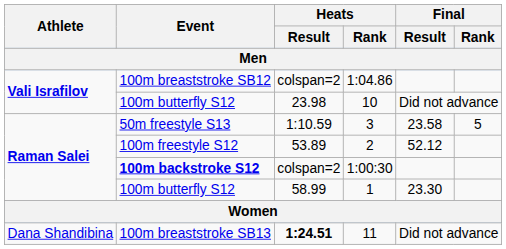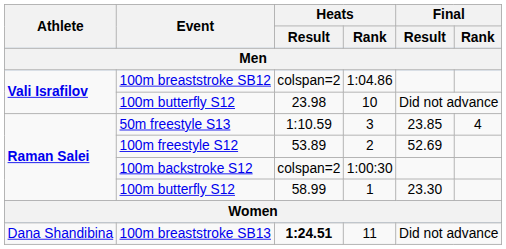 <table class=wikitable style="font-size:100%">
 <tr>
 <th rowspan="2">Athlete</th>
 <th rowspan="2">Event</th>
 <th colspan="2">Heats</th>
 <th colspan="2">Final</th>
 </tr>
 <tr>
 <th>Result</th>
 <th>Rank</th>
 <th>Result</th>
 <th>Rank</th>
 </tr>
 <tr style="background:#9acdff;">
 <th colspan=6>Men</th>
 </tr>
 <tr align=center>
 <td align=left rowspan=2><strong><a href='#'>Vali Israfilov</a></strong></td>
 <td align=left><a href='#'>100m breaststroke SB12</a></td>
 <td>colspan=2</td>
 <td>1:04.86 <strong></strong></td>
 <td></td>
 </tr>
 <tr align=center>
 <td align=left><a href='#'>100m butterfly S12</a></td>
 <td>23.98</td>
 <td>10</td>
 <td colspan=2>Did not advance</td>
 </tr>
 <tr align=center>
 <td align=left rowspan=4><strong><a href='#'>Raman Salei</a></strong></td>
 <td align=left><a href='#'>50m freestyle S13</a></td>
 <td>1:10.59</td>
 <td>3 <strong></strong></td>
-<td>23.58</td>
-<td>5</td>
+<td>23.85</td>
+<td>4</td>
 </tr>
 <tr align=center>
 <td align=left><a href='#'>100m freestyle S12</a></td>
 <td>53.89</td>
 <td>2 <strong></strong></td>
-<td>52.12</td>
+<td>52.69</td>
 <td></td>
 </tr>
 <tr align=center>
-<td align=left><strong><a href='#'>100m backstroke S12</a></strong></td>
+<td align=left><a href='#'>100m backstroke S12</a></td>
 <td>colspan=2</td>
 <td>1:00:30</td>
 <td></td>
 </tr>
 <tr align=center>
 <td align=left><a href='#'>100m butterfly S12</a></td>
 <td>58.99</td>
 <td>1 <strong></strong></td>
 <td>23.30</td>
 <td></td>
 </tr>
 <tr style="background:#9acdff;">
 <th colspan=6>Women</th>
 </tr>
 <tr align=center>
 <td align=left><a href='#'>Dana Shandibina</a></td>
 <td align=left><a href='#'>100m breaststroke SB13</a></td>
 <td><strong>1:24.51</strong></td>
 <td>11</td>
 <td colspan=2>Did not advance</td>
 </tr>
 </table>
